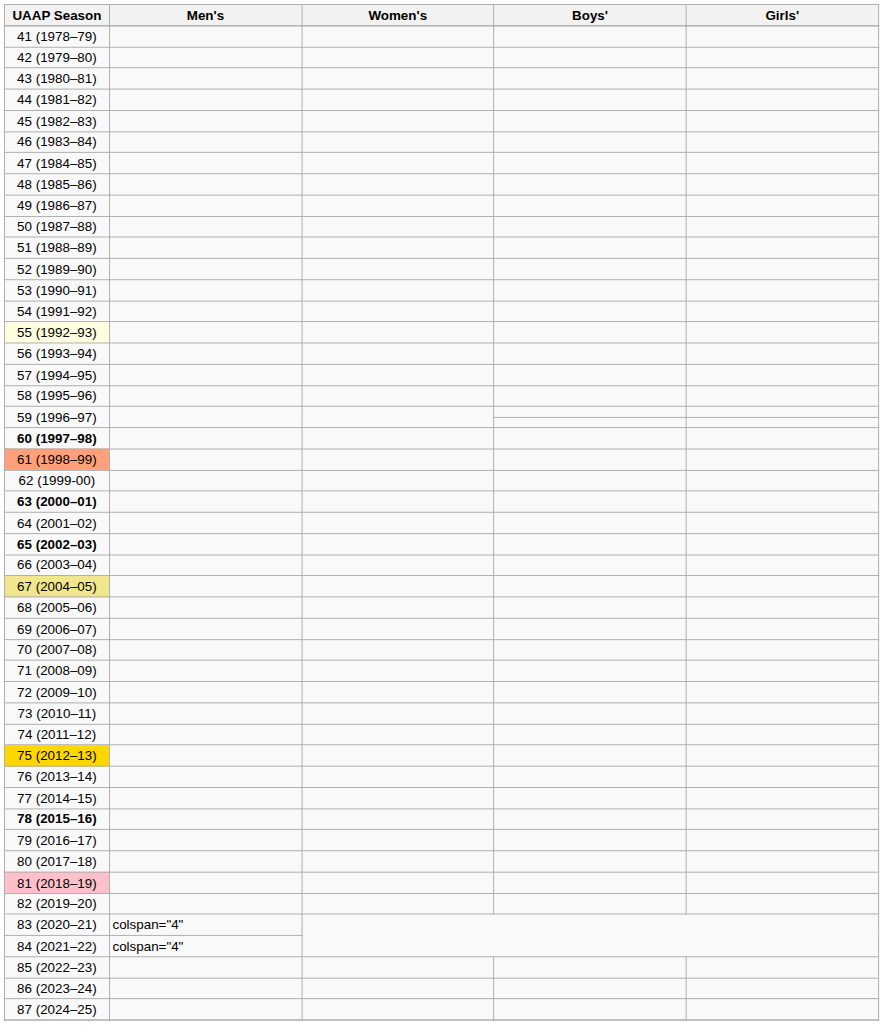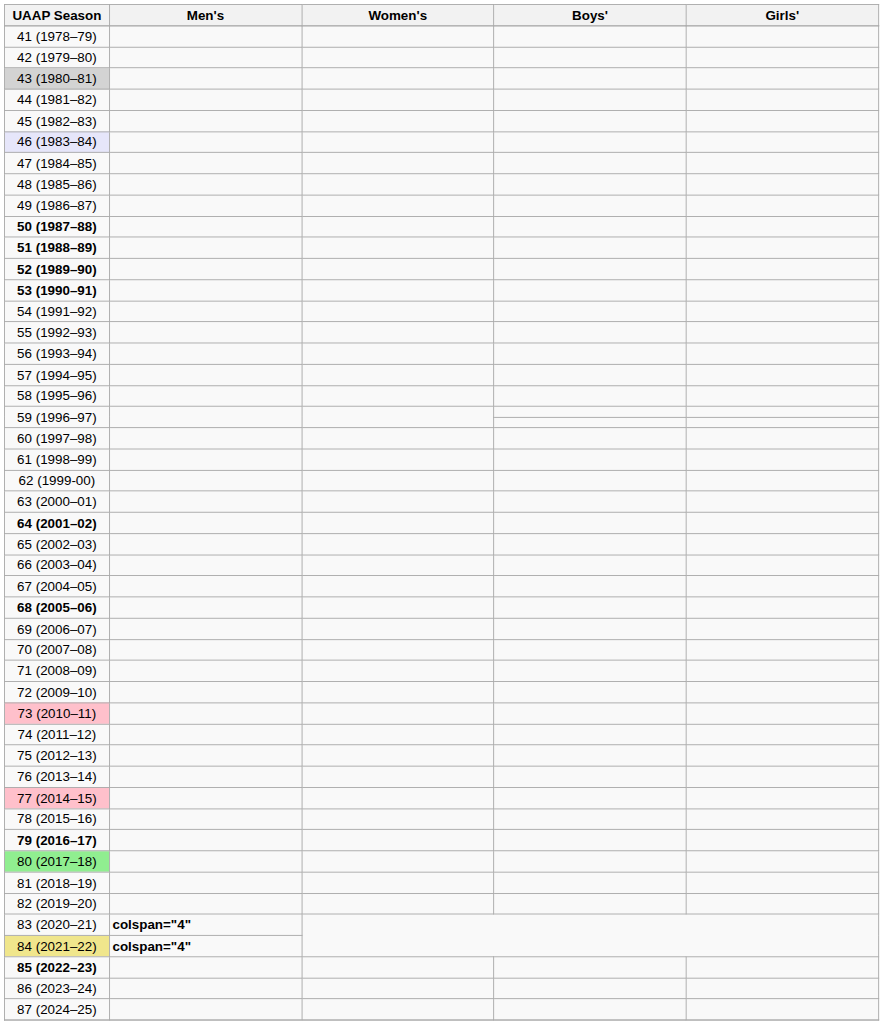 <table class="wikitable" style="font-size:90%;">
 <tr>
 <th width=12%><strong>UAAP Season</strong></th>
 <th width=200px><strong>Men's</strong></th>
 <th width=200px><strong>Women's</strong></th>
 <th width=200px><strong>Boys</strong>'</th>
 <th width=200px><strong>Girls</strong>'</th>
 </tr>
 <tr>
 </tr>
 <tr>
 <td align=center>41 (1978–79)</td>
 <td></td>
 <td></td>
 <td></td>
 <td></td>
 </tr>
 <tr>
 <td align=center>42 (1979–80)</td>
 <td></td>
 <td></td>
 <td></td>
 <td></td>
 </tr>
 <tr>
-<td align=center>43 (1980–81)</td>
+<td align=center style="background: lightgrey;">43 (1980–81)</td>
 <td></td>
 <td></td>
 <td></td>
 <td></td>
 </tr>
 <tr>
 <td align=center>44 (1981–82)</td>
 <td></td>
 <td></td>
 <td></td>
 <td></td>
 </tr>
 <tr>
 <td align=center>45 (1982–83)</td>
 <td></td>
 <td></td>
 <td></td>
 <td></td>
 </tr>
 <tr>
-<td align=center>46 (1983–84)</td>
+<td align=center style="background: lavender;">46 (1983–84)</td>
 <td></td>
 <td></td>
 <td></td>
 <td></td>
 </tr>
 <tr>
 <td align=center>47 (1984–85)</td>
 <td></td>
 <td></td>
 <td></td>
 <td></td>
 </tr>
 <tr>
 <td align=center>48 (1985–86)</td>
 <td></td>
 <td></td>
 <td></td>
 <td></td>
 </tr>
 <tr>
 <td align=center>49 (1986–87)</td>
 <td></td>
 <td></td>
 <td></td>
 <td></td>
 </tr>
 <tr>
-<td align=center>50 (1987–88)</td>
+<td align=center><strong>50 (1987–88)</strong></td>
 <td></td>
 <td></td>
 <td></td>
 <td></td>
 </tr>
 <tr>
-<td align=center>51 (1988–89)</td>
+<td align=center><strong>51 (1988–89)</strong></td>
 <td></td>
 <td></td>
 <td></td>
 <td></td>
 </tr>
 <tr>
-<td align=center>52 (1989–90)</td>
+<td align=center><strong>52 (1989–90)</strong></td>
 <td></td>
 <td></td>
 <td></td>
 <td></td>
 </tr>
 <tr>
-<td align=center>53 (1990–91)</td>
+<td align=center><strong>53 (1990–91)</strong></td>
 <td></td>
 <td></td>
 <td></td>
 <td></td>
 </tr>
 <tr>
 <td align=center>54 (1991–92)</td>
 <td></td>
 <td></td>
 <td></td>
 <td></td>
 </tr>
 <tr>
-<td align=center style="background: lightyellow;">55 (1992–93)</td>
+<td align=center>55 (1992–93)</td>
 <td></td>
 <td></td>
 <td></td>
 <td></td>
 </tr>
 <tr>
 <td align=center>56 (1993–94)</td>
 <td></td>
 <td></td>
 <td></td>
 <td></td>
 </tr>
 <tr>
 <td align=center>57 (1994–95)</td>
 <td></td>
 <td></td>
 <td></td>
 <td></td>
 </tr>
 <tr>
 <td align=center>58 (1995–96)</td>
 <td></td>
 <td></td>
 <td></td>
 <td></td>
 </tr>
 <tr>
 <td align=center rowspan=2>59 (1996–97)</td>
 <td rowspan=2></td>
 <td rowspan=2></td>
 <td></td>
 <td></td>
 </tr>
 <tr>
 <td></td>
 <td></td>
 </tr>
 <tr>
-<td align=center><strong>60 (1997–98)</strong></td>
+<td align=center>60 (1997–98)</td>
 <td></td>
 <td></td>
 <td></td>
 <td></td>
 </tr>
 <tr>
-<td align=center style="background: lightsalmon;">61 (1998–99)</td>
+<td align=center>61 (1998–99)</td>
 <td></td>
 <td></td>
 <td></td>
 <td></td>
 </tr>
 <tr>
 <td align=center>62 (1999-00)</td>
 <td></td>
 <td></td>
 <td></td>
 <td></td>
 </tr>
 <tr>
-<td align=center><strong>63 (2000–01)</strong></td>
+<td align=center>63 (2000–01)</td>
 <td></td>
 <td></td>
 <td></td>
 <td></td>
 </tr>
 <tr>
-<td align=center>64 (2001–02)</td>
+<td align=center><strong>64 (2001–02)</strong></td>
 <td></td>
 <td></td>
 <td></td>
 <td></td>
 </tr>
 <tr>
-<td align=center><strong>65 (2002–03)</strong></td>
+<td align=center>65 (2002–03)</td>
 <td></td>
 <td></td>
 <td></td>
 <td></td>
 </tr>
 <tr>
 <td align=center>66 (2003–04)</td>
 <td></td>
 <td></td>
 <td></td>
 <td></td>
 </tr>
 <tr>
-<td align=center style="background: khaki;">67 (2004–05)</td>
+<td align=center>67 (2004–05)</td>
 <td></td>
 <td></td>
 <td></td>
 <td></td>
 </tr>
 <tr>
-<td align=center>68 (2005–06)</td>
+<td align=center><strong>68 (2005–06)</strong></td>
 <td></td>
 <td></td>
 <td></td>
 <td></td>
 </tr>
 <tr>
 <td align=center>69 (2006–07)</td>
 <td></td>
 <td></td>
 <td></td>
 <td></td>
 </tr>
 <tr>
 <td align=center>70 (2007–08)</td>
 <td></td>
 <td></td>
 <td></td>
 <td></td>
 </tr>
 <tr>
 <td align=center>71 (2008–09)</td>
 <td></td>
 <td></td>
 <td></td>
 <td></td>
 </tr>
 <tr>
 <td align=center>72 (2009–10)</td>
 <td></td>
 <td></td>
 <td></td>
 <td></td>
 </tr>
 <tr>
-<td align=center>73 (2010–11)</td>
+<td align=center style="background: pink;">73 (2010–11)</td>
 <td></td>
 <td></td>
 <td></td>
 <td></td>
 </tr>
 <tr>
 <td align=center>74 (2011–12)</td>
 <td></td>
 <td></td>
 <td></td>
 <td></td>
 </tr>
 <tr>
-<td align=center style="background: gold;">75 (2012–13)</td>
+<td align=center>75 (2012–13)</td>
 <td></td>
 <td></td>
 <td></td>
 <td></td>
 </tr>
 <tr>
 <td align=center>76 (2013–14)</td>
 <td></td>
 <td></td>
 <td></td>
 <td></td>
 </tr>
 <tr>
-<td align=center>77 (2014–15)</td>
+<td align=center style="background: pink;">77 (2014–15)</td>
 <td></td>
 <td></td>
 <td></td>
 <td></td>
 </tr>
 <tr>
-<td align=center><strong>78 (2015–16)</strong></td>
+<td align=center>78 (2015–16)</td>
 <td></td>
 <td></td>
 <td></td>
 <td></td>
 </tr>
 <tr>
-<td align=center>79 (2016–17)</td>
+<td align=center><strong>79 (2016–17)</strong></td>
 <td></td>
 <td></td>
 <td></td>
 <td></td>
 </tr>
 <tr>
-<td align=center>80 (2017–18)</td>
+<td align=center style="background: lightgreen;">80 (2017–18)</td>
 <td></td>
 <td></td>
 <td></td>
 <td></td>
 </tr>
 <tr>
-<td align=center style="background: pink;">81 (2018–19)</td>
+<td align=center>81 (2018–19)</td>
 <td></td>
 <td></td>
 <td></td>
 <td></td>
 </tr>
 <tr>
 <td align=center>82 (2019–20)</td>
 <td></td>
 <td></td>
 <td></td>
 <td></td>
 </tr>
 <tr>
 <td align=center>83 (2020–21)</td>
-<td>colspan="4" </td>
+<td><strong>colspan="4" </strong></td>
 </tr>
 <tr>
-<td align=center>84 (2021–22)</td>
-<td>colspan="4" </td>
+<td align=center style="background: khaki;">84 (2021–22)</td>
+<td><strong>colspan="4" </strong></td>
 </tr>
 <tr>
-<td align=center>85 (2022–23)</td>
+<td align=center><strong>85 (2022–23)</strong></td>
 <td></td>
 <td></td>
 <td></td>
 <td></td>
 </tr>
 <tr>
 <td align=center>86 (2023–24)</td>
 <td></td>
 <td></td>
 <td></td>
 <td></td>
 </tr>
 <tr>
 <td align=center>87 (2024–25)</td>
 <td></td>
 <td></td>
 <td></td>
 <td></td>
 </tr>
 <tr>
 </tr>
 </table>
